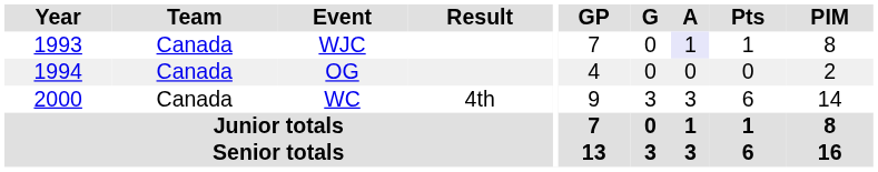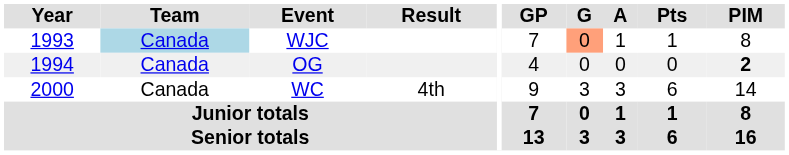 <table border="0" cellpadding="1" cellspacing="0" ID="Table3" style="text-align:center; width:40em">
 <tr ALIGN="center" bgcolor="#e0e0e0">
 <th>Year</th>
 <th>Team</th>
 <th>Event</th>
 <th>Result</th>
 <th rowspan="99" bgcolor="#ffffff"></th>
 <th>GP</th>
 <th>G</th>
 <th>A</th>
 <th>Pts</th>
 <th>PIM</th>
 </tr>
 <tr>
 <td><a href='#'>1993</a></td>
-<td><a href='#'>Canada</a></td>
+<td style="background: lightblue;"><a href='#'>Canada</a></td>
 <td><a href='#'>WJC</a></td>
 <td></td>
 <td>7</td>
-<td>0</td>
-<td style="background: lavender;">1</td>
+<td style="background: lightsalmon;">0</td>
+<td>1</td>
 <td>1</td>
 <td>8</td>
 </tr>
 <tr bgcolor="#f0f0f0">
 <td><a href='#'>1994</a></td>
 <td><a href='#'>Canada</a></td>
 <td><a href='#'>OG</a></td>
 <td></td>
 <td>4</td>
 <td>0</td>
 <td>0</td>
 <td>0</td>
-<td>2</td>
+<td><strong>2</strong></td>
 </tr>
 <tr>
 <td><a href='#'>2000</a></td>
 <td>Canada</td>
 <td><a href='#'>WC</a></td>
 <td>4th</td>
 <td>9</td>
 <td>3</td>
 <td>3</td>
 <td>6</td>
 <td>14</td>
 </tr>
 <tr bgcolor="#e0e0e0">
 <th colspan="4">Junior totals</th>
 <th>7</th>
 <th>0</th>
 <th>1</th>
 <th>1</th>
 <th>8</th>
 </tr>
 <tr bgcolor="#e0e0e0">
 <th colspan="4">Senior totals</th>
 <th>13</th>
 <th>3</th>
 <th>3</th>
 <th>6</th>
 <th>16</th>
 </tr>
 </table>
